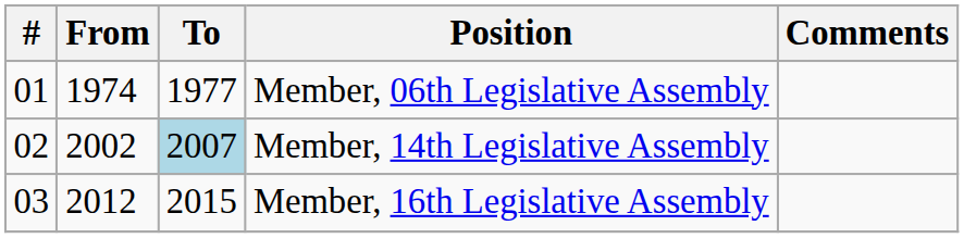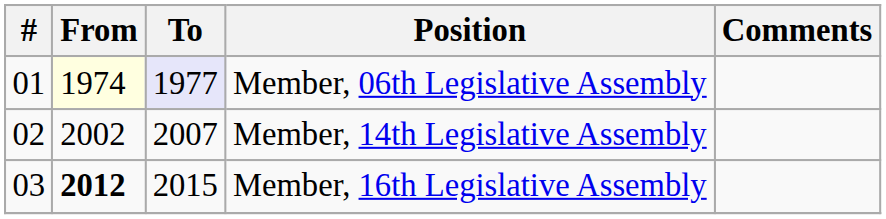 <table class="wikitable sortable">
 <tr>
 <th>#</th>
 <th>From</th>
 <th>To</th>
 <th>Position</th>
 <th>Comments</th>
 </tr>
 <tr>
 <td>01</td>
-<td>1974</td>
-<td>1977</td>
+<td style="background: lightyellow;">1974</td>
+<td style="background: lavender;">1977</td>
 <td>Member, <a href='#'>06th Legislative Assembly</a></td>
 <td></td>
 </tr>
 <tr>
 <td>02</td>
 <td>2002</td>
-<td style="background: lightblue;">2007</td>
+<td>2007</td>
 <td>Member, <a href='#'>14th Legislative Assembly</a></td>
 <td></td>
 </tr>
 <tr>
 <td>03</td>
-<td>2012</td>
+<td><strong>2012</strong></td>
 <td>2015</td>
 <td>Member, <a href='#'>16th Legislative Assembly</a></td>
 <td></td>
 </tr>
 <tr>
 </tr>
 </table>
